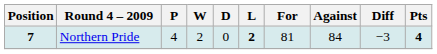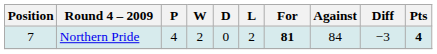 <table class="wikitable" style="text-align:center; font-size:85%;">
 <tr>
 <th width=40 abbr="Position">Position</th>
 <th width=100>Round 4 – 2009</th>
 <th width=20 abbr="Played">P</th>
 <th width=20 abbr="Won">W</th>
 <th width=20 abbr="Drawn">D</th>
 <th width=20 abbr="Lost">L</th>
 <th width=40 abbr="Points for">For</th>
 <th width=40 abbr="Points against">Against</th>
 <th width=40 abbr="Points difference">Diff</th>
 <th width=20 abbr="Points">Pts</th>
 </tr>
 <tr style="background: #d7ebed;">
-<td><strong>7</strong></td>
+<td>7</td>
 <td style="text-align:left;"> <a href='#'>Northern Pride</a></td>
 <td>4</td>
 <td>2</td>
 <td>0</td>
-<td><strong>2</strong></td>
-<td>81</td>
+<td>2</td>
+<td><strong>81</strong></td>
 <td>84</td>
 <td>−3</td>
 <td><strong>4</strong></td>
 </tr>
 <tr>
 </tr>
 </table>
